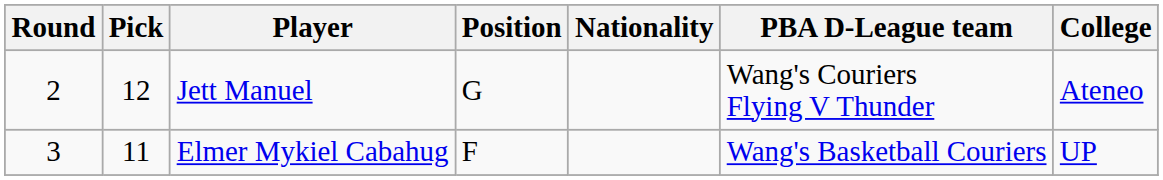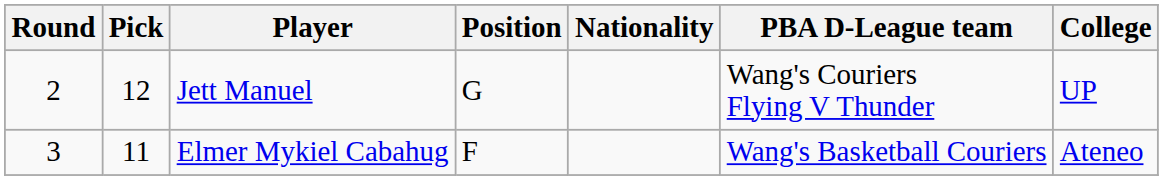 <table class="wikitable sortable sortable">
 <tr>
 <th>Round</th>
 <th>Pick</th>
 <th>Player</th>
 <th>Position</th>
 <th>Nationality</th>
 <th>PBA D-League team</th>
 <th>College</th>
 </tr>
 <tr>
 <td align=center>2</td>
 <td align=center>12</td>
 <td><a href='#'>Jett Manuel</a></td>
 <td>G</td>
 <td></td>
 <td>Wang's Couriers<br><a href='#'>Flying V Thunder</a></td>
-<td><a href='#'>Ateneo</a></td>
+<td><a href='#'>UP</a></td>
 </tr>
 <tr>
 <td align=center>3</td>
 <td align=center>11</td>
 <td><a href='#'>Elmer Mykiel Cabahug</a></td>
 <td>F</td>
 <td></td>
 <td><a href='#'>Wang's Basketball Couriers</a></td>
-<td><a href='#'>UP</a></td>
+<td><a href='#'>Ateneo</a></td>
 </tr>
 </table>
